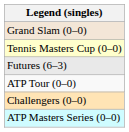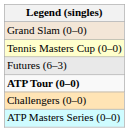 <table class="wikitable">
 <tr>
 <th>Legend (singles)</th>
 </tr>
 <tr style="background:#f3e6d7;">
 <td>Grand Slam (0–0)</td>
 </tr>
 <tr style="background:#ffc;">
 <td>Tennis Masters Cup (0–0)</td>
 </tr>
 <tr style="background:#e9e9e9;">
 <td>Futures (6–3)</td>
 </tr>
 <tr>
-<td>ATP Tour (0–0)</td>
+<td><strong>ATP Tour (0–0)</strong></td>
 </tr>
 <tr bgcolor="moccasin">
 <td>Challengers (0–0)</td>
 </tr>
 <tr bgcolor="CFFCFF">
 <td>ATP Masters Series (0–0)</td>
 </tr>
 </table>
